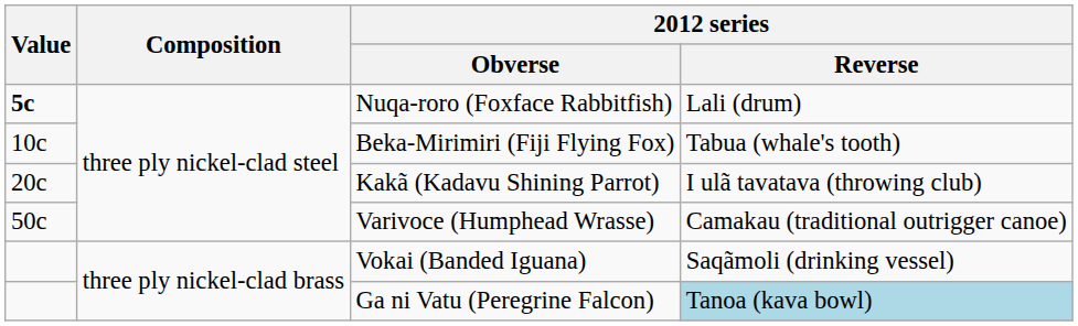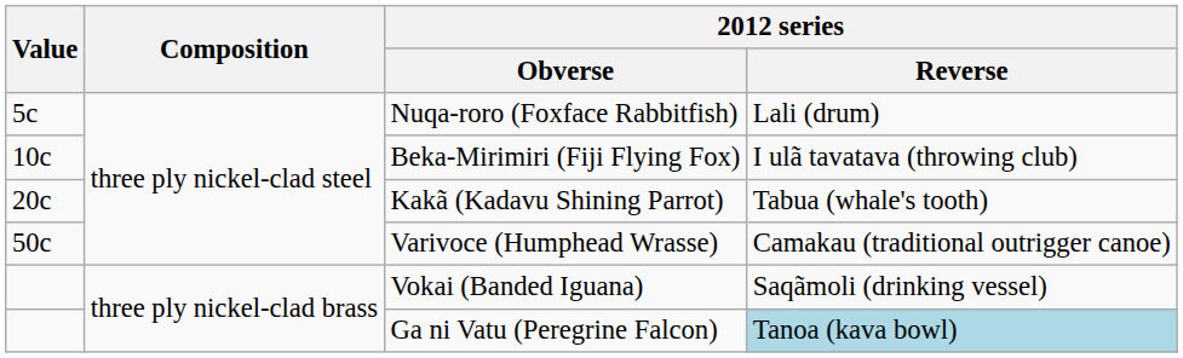 <table class="wikitable">
 <tr>
 <th rowspan=2>Value</th>
 <th rowspan=2>Composition</th>
 <th colspan=2>2012 series</th>
 </tr>
 <tr>
 <th>Obverse</th>
 <th>Reverse</th>
 </tr>
 <tr>
-<td><strong>5c</strong></td>
+<td>5c</td>
 <td rowspan=4>three ply nickel-clad steel</td>
 <td>Nuqa-roro (Foxface Rabbitfish)</td>
 <td>Lali (drum)</td>
 </tr>
 <tr>
 <td>10c</td>
 <td>Beka-Mirimiri (Fiji Flying Fox)</td>
-<td>Tabua (whale's tooth)</td>
+<td>I ulã tavatava (throwing club)</td>
 </tr>
 <tr>
 <td>20c</td>
 <td>Kakã (Kadavu Shining Parrot)</td>
-<td>I ulã tavatava (throwing club)</td>
+<td>Tabua (whale's tooth)</td>
 </tr>
 <tr>
 <td>50c</td>
 <td>Varivoce (Humphead Wrasse)</td>
 <td>Camakau (traditional outrigger canoe)</td>
 </tr>
 <tr>
 <td></td>
 <td rowspan=2>three ply nickel-clad brass</td>
 <td>Vokai (Banded Iguana)</td>
 <td>Saqãmoli (drinking vessel)</td>
 </tr>
 <tr>
 <td></td>
 <td>Ga ni Vatu (Peregrine Falcon)</td>
 <td style="background: lightblue;">Tanoa (kava bowl)</td>
 </tr>
 </table>
